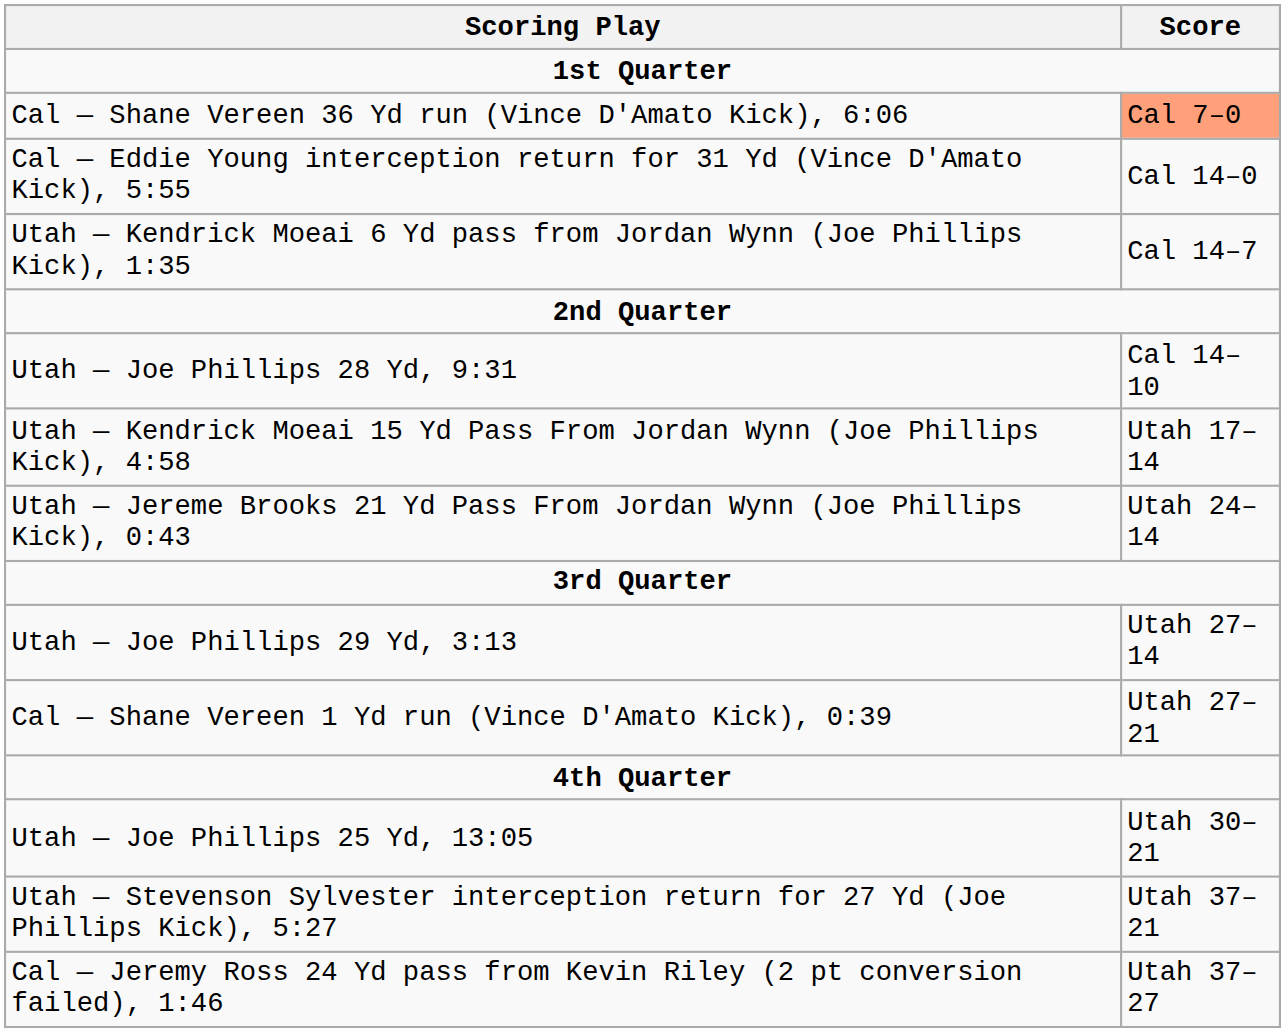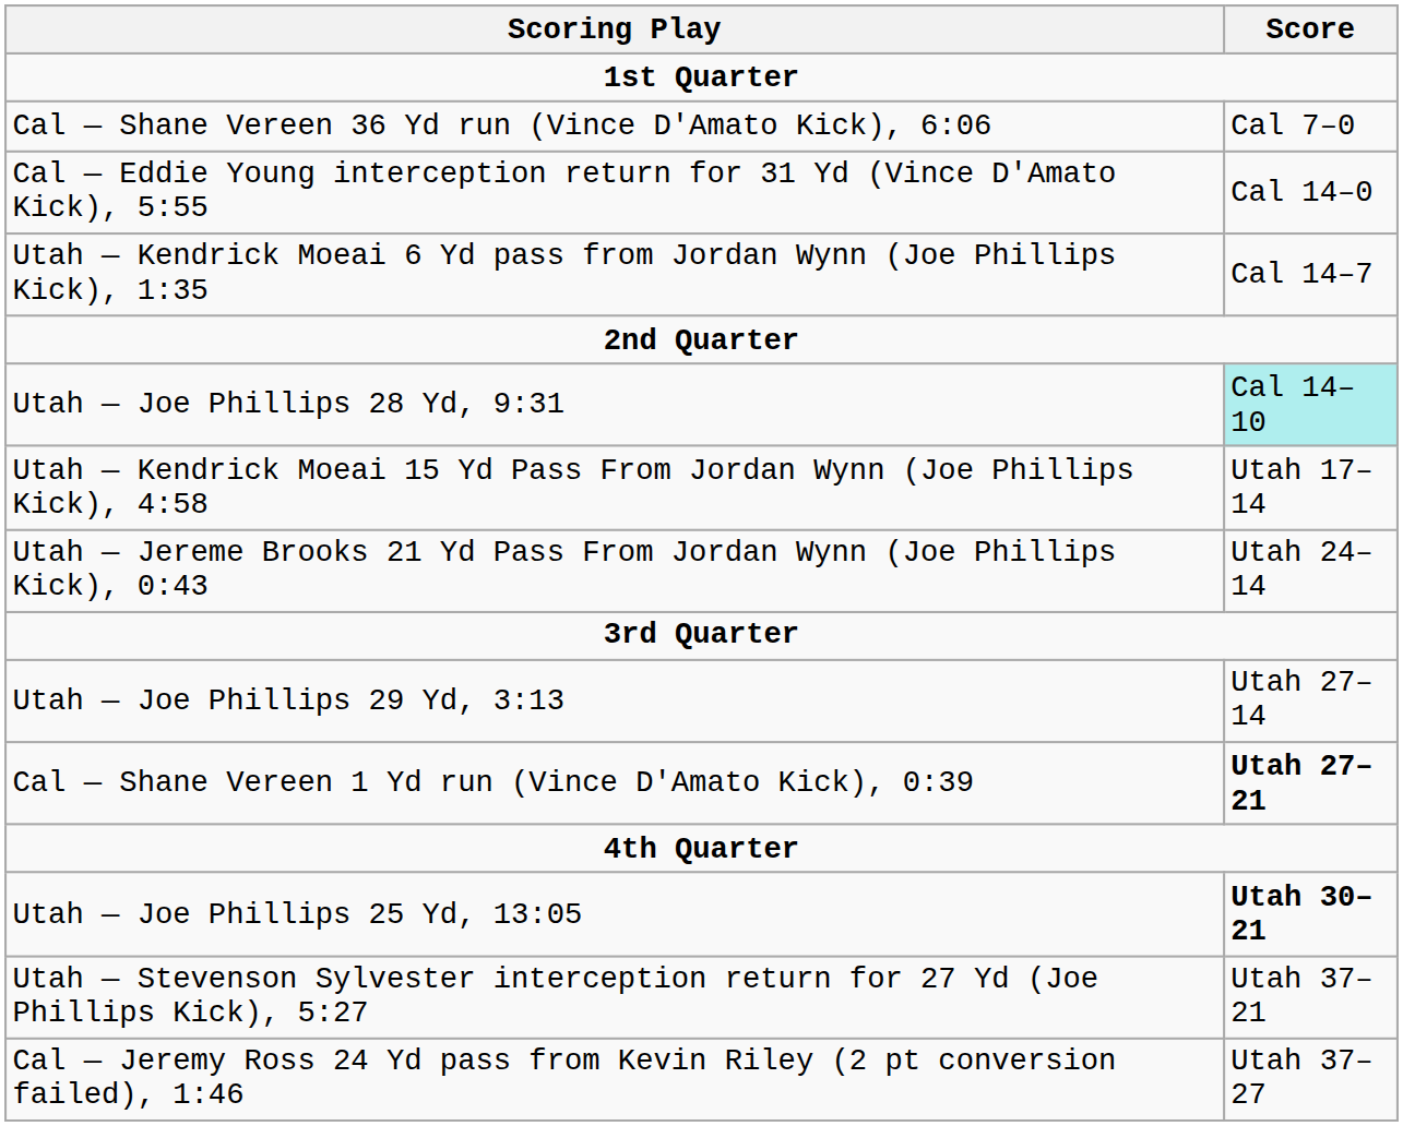 <table class="wikitable">
 <tr>
 <th>Scoring Play</th>
 <th>Score</th>
 </tr>
 <tr>
 <td colspan="4" align="center"><strong>1st Quarter</strong></td>
 </tr>
 <tr>
 <td>Cal — Shane Vereen 36 Yd run (Vince D'Amato Kick), 6:06</td>
-<td style="background: lightsalmon;">Cal 7–0</td>
+<td>Cal 7–0</td>
 </tr>
 <tr>
 <td>Cal — Eddie Young interception return for 31 Yd (Vince D'Amato Kick), 5:55</td>
 <td>Cal 14–0</td>
 </tr>
 <tr>
 <td>Utah —  Kendrick Moeai 6 Yd pass from Jordan Wynn (Joe Phillips Kick), 1:35</td>
 <td>Cal 14–7</td>
 </tr>
 <tr>
 <td colspan="4" align="center"><strong>2nd Quarter</strong></td>
 </tr>
 <tr>
 <td>Utah — Joe Phillips 28 Yd, 9:31</td>
-<td>Cal 14–10</td>
+<td style="background: paleturquoise;">Cal 14–10</td>
 </tr>
 <tr>
 <td>Utah — Kendrick Moeai 15 Yd Pass From Jordan Wynn (Joe Phillips Kick), 4:58</td>
 <td>Utah 17–14</td>
 </tr>
 <tr>
 <td>Utah — Jereme Brooks 21 Yd Pass From Jordan Wynn (Joe Phillips Kick), 0:43</td>
 <td>Utah 24–14</td>
 </tr>
 <tr>
 <td colspan="4" align="center"><strong>3rd Quarter</strong></td>
 </tr>
 <tr>
 <td>Utah — Joe Phillips 29 Yd, 3:13</td>
 <td>Utah 27–14</td>
 </tr>
 <tr>
 <td>Cal — Shane Vereen 1 Yd run (Vince D'Amato Kick), 0:39</td>
-<td>Utah 27–21</td>
+<td><strong>Utah 27–21</strong></td>
 </tr>
 <tr>
 <td colspan="4" align="center"><strong>4th Quarter</strong></td>
 </tr>
 <tr>
 <td>Utah — Joe Phillips 25 Yd, 13:05</td>
-<td>Utah 30–21</td>
+<td><strong>Utah 30–21</strong></td>
 </tr>
 <tr>
 <td>Utah — Stevenson Sylvester interception return for 27 Yd (Joe Phillips Kick), 5:27</td>
 <td>Utah 37–21</td>
 </tr>
 <tr>
 <td>Cal — Jeremy Ross 24 Yd pass from Kevin Riley (2 pt conversion failed), 1:46</td>
 <td>Utah 37–27</td>
 </tr>
 <tr>
 </tr>
 </table>
